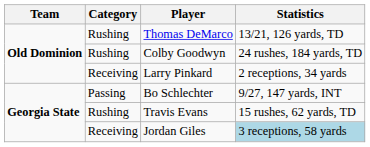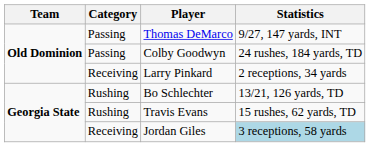 <table class="wikitable" style="float: left;">
 <tr>
 <th>Team</th>
 <th>Category</th>
 <th>Player</th>
 <th>Statistics</th>
 </tr>
 <tr>
 <td rowspan=3><strong>Old Dominion</strong></td>
-<td>Rushing</td>
+<td>Passing</td>
 <td><a href='#'>Thomas DeMarco</a></td>
-<td>13/21, 126 yards, TD</td>
+<td>9/27, 147 yards, INT</td>
 </tr>
 <tr>
-<td>Rushing</td>
+<td>Passing</td>
 <td>Colby Goodwyn</td>
 <td>24 rushes, 184 yards, TD</td>
 </tr>
 <tr>
 <td>Receiving</td>
 <td>Larry Pinkard</td>
 <td>2 receptions, 34 yards</td>
 </tr>
 <tr>
 <td rowspan=3><strong>Georgia State</strong></td>
-<td>Passing</td>
+<td>Rushing</td>
 <td>Bo Schlechter</td>
-<td>9/27, 147 yards, INT</td>
+<td>13/21, 126 yards, TD</td>
 </tr>
 <tr>
 <td>Rushing</td>
 <td>Travis Evans</td>
 <td>15 rushes, 62 yards, TD</td>
 </tr>
 <tr>
 <td>Receiving</td>
 <td>Jordan Giles</td>
 <td style="background: lightblue;">3 receptions, 58 yards</td>
 </tr>
 </table>
